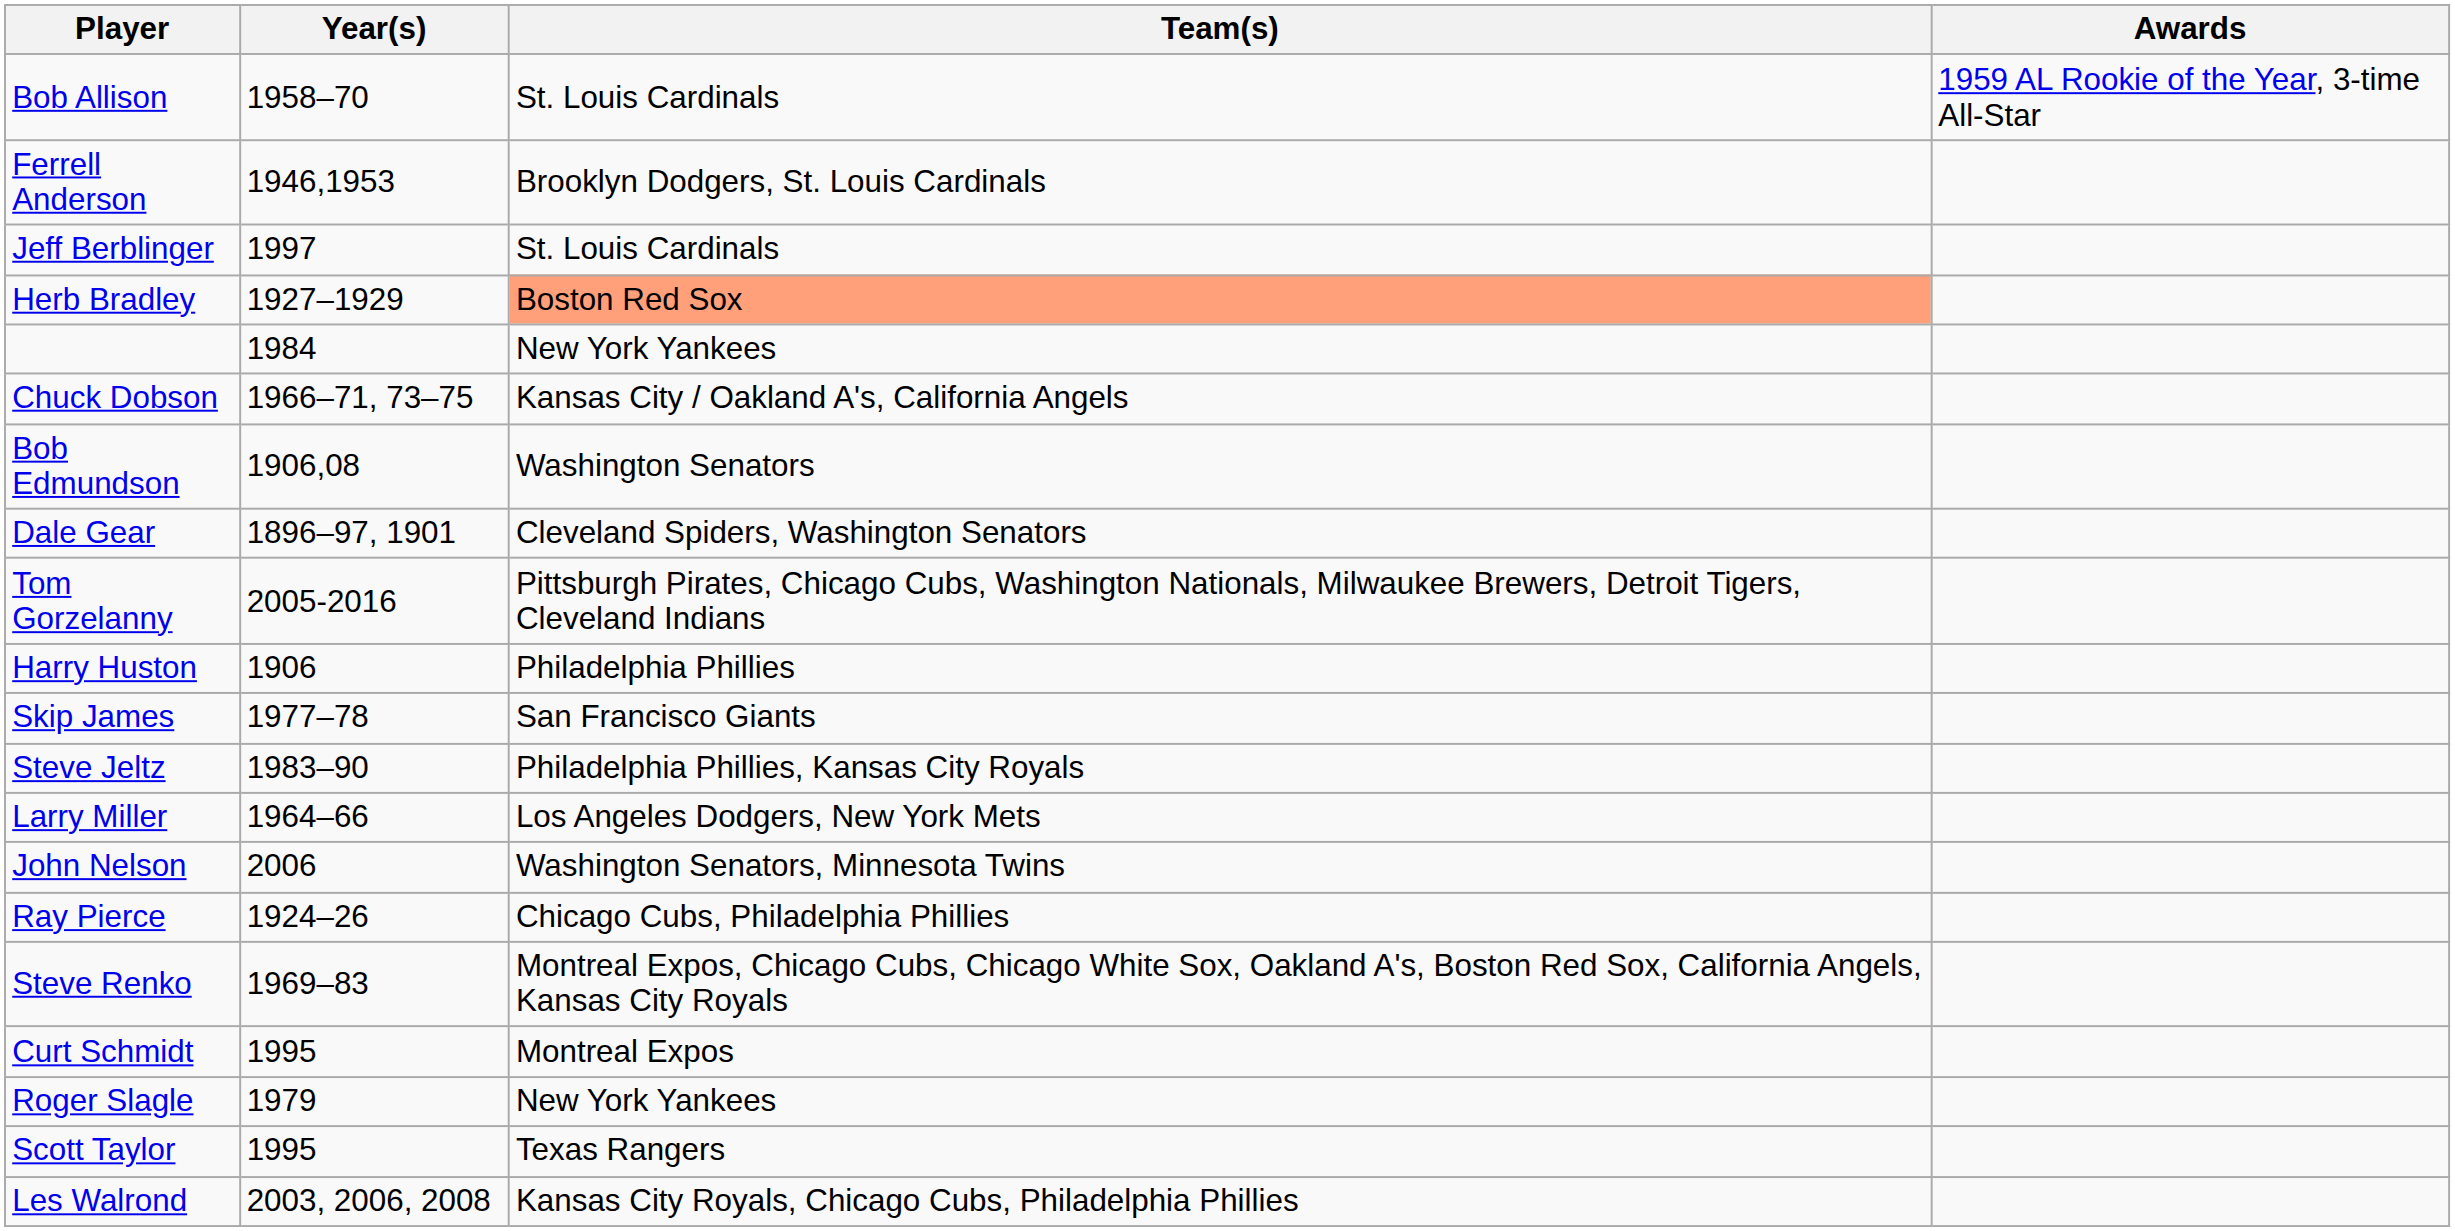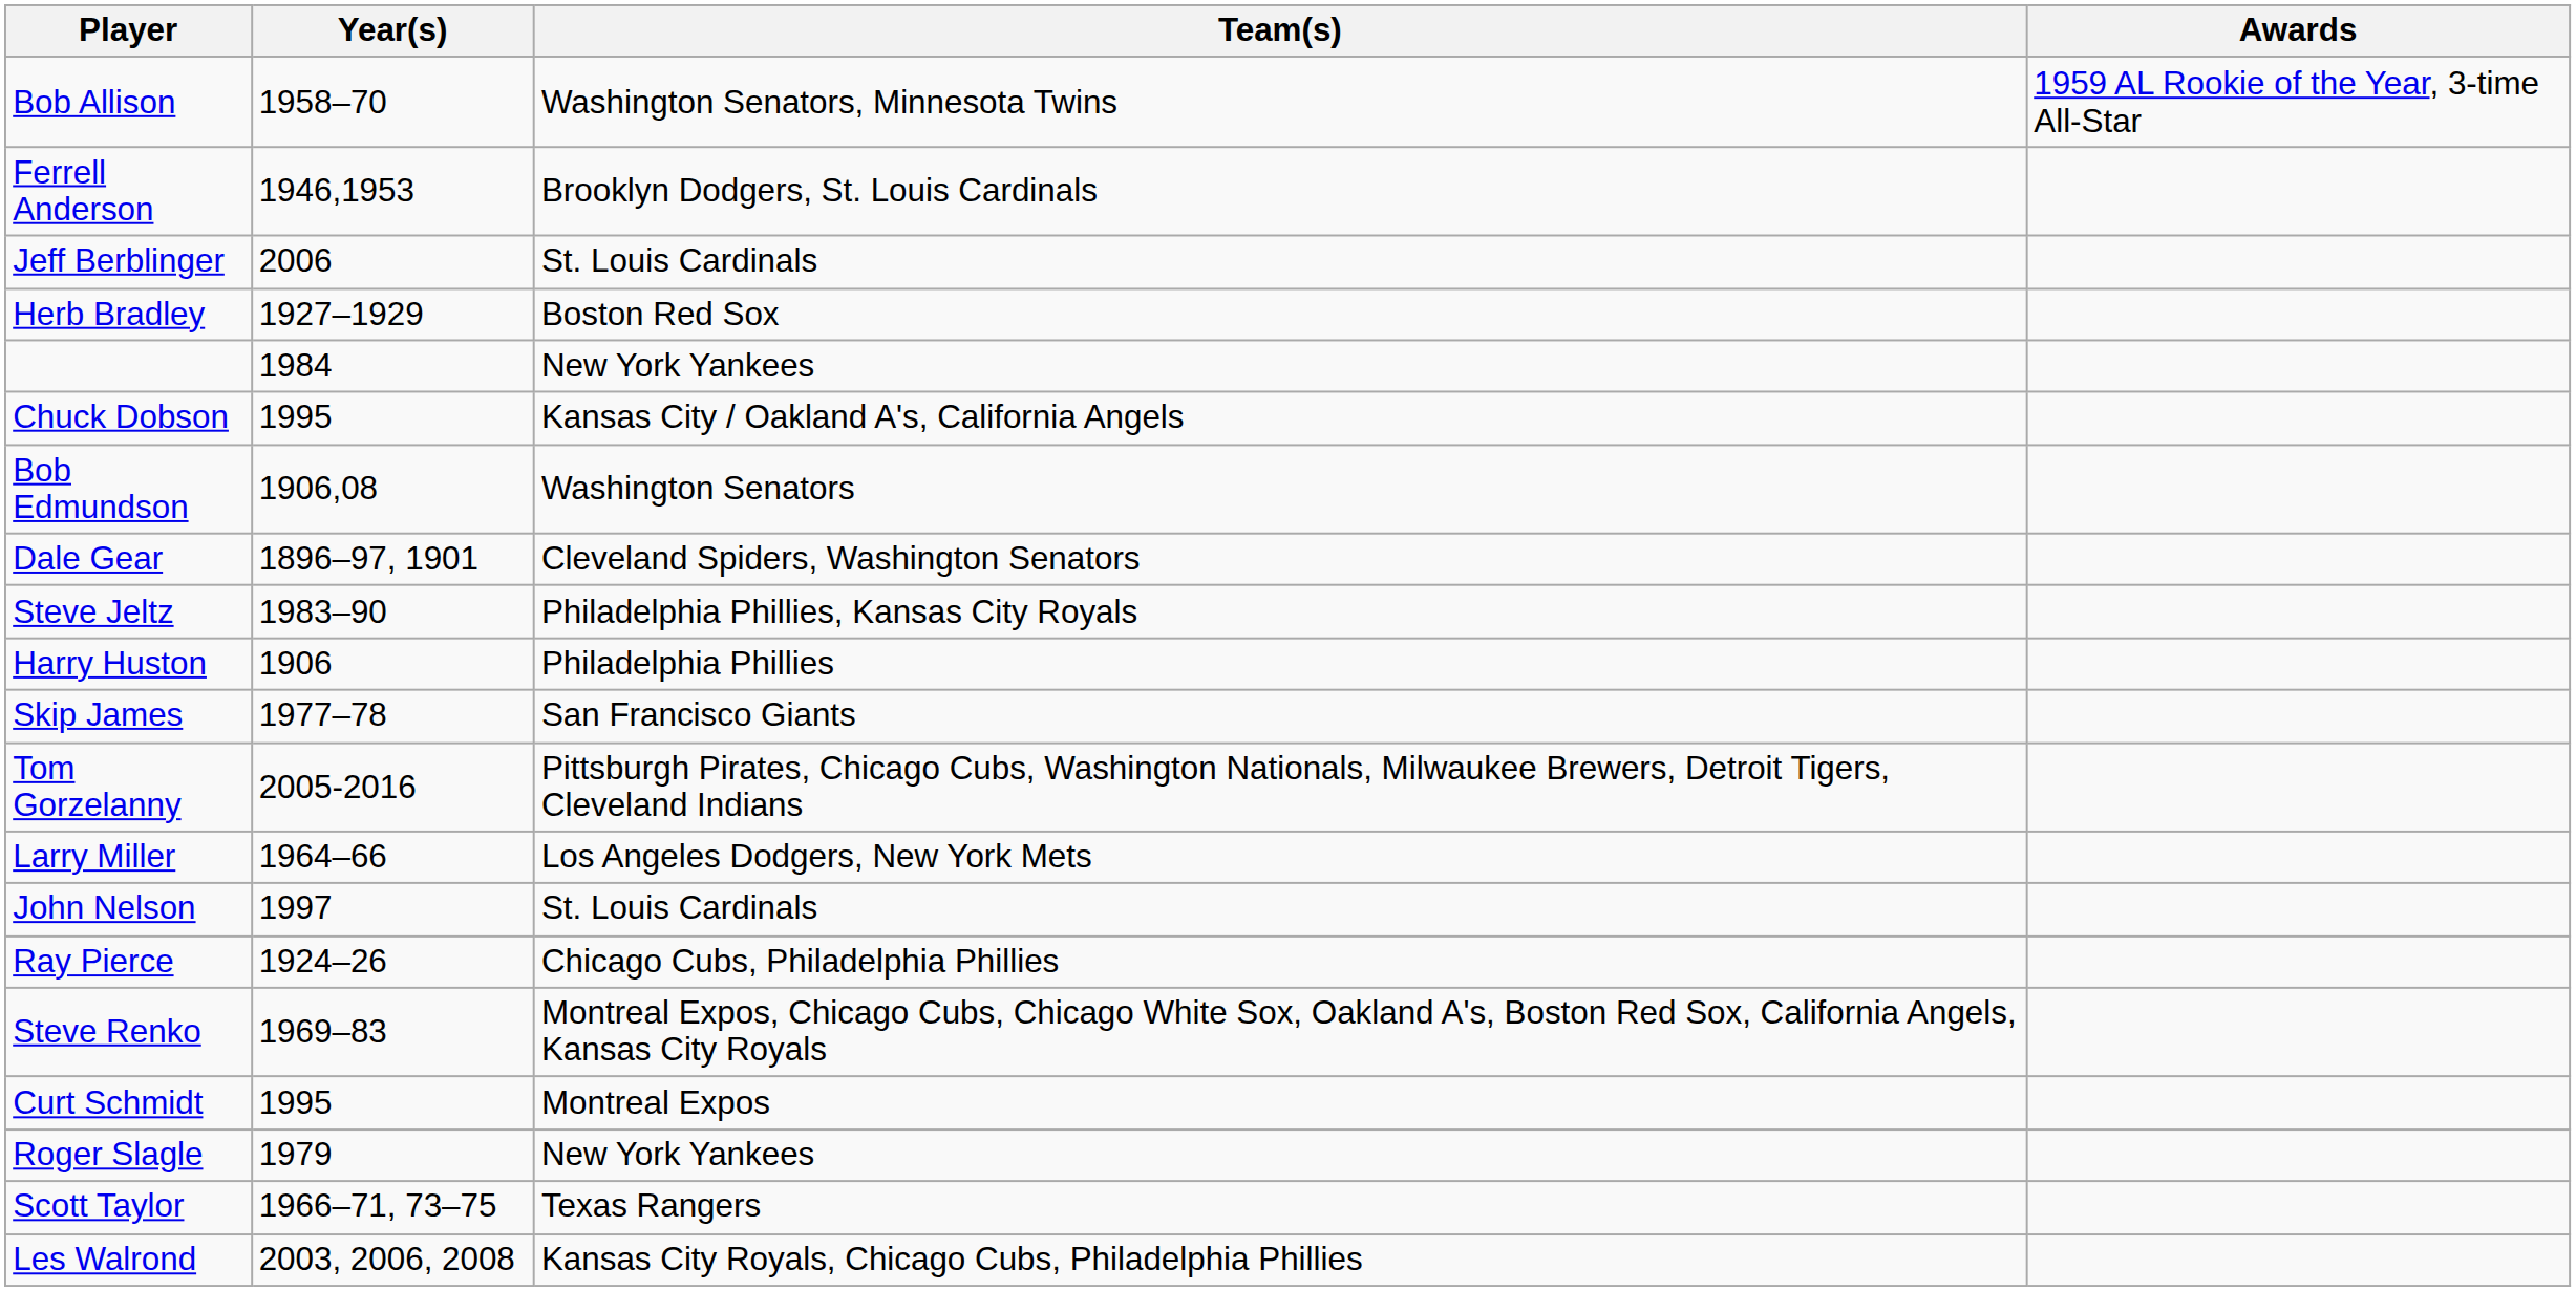 <table class=wikitable>
 <tr>
 <th width=px>Player</th>
 <th width=130px>Year(s)</th>
 <th width=px>Team(s)</th>
 <th width=px>Awards</th>
 </tr>
 <tr>
 <td><a href='#'>Bob Allison</a></td>
 <td>1958–70</td>
-<td>St. Louis Cardinals</td>
+<td>Washington Senators, Minnesota Twins</td>
 <td><a href='#'>1959 AL Rookie of the Year</a>, 3-time All-Star</td>
 </tr>
 <tr>
 <td><a href='#'>Ferrell Anderson</a></td>
 <td>1946,1953</td>
 <td>Brooklyn Dodgers, St. Louis Cardinals</td>
 <td> </td>
 </tr>
 <tr>
 <td><a href='#'>Jeff Berblinger</a></td>
-<td>1997</td>
+<td>2006</td>
 <td>St. Louis Cardinals</td>
 <td> </td>
 </tr>
 <tr>
 <td><a href='#'>Herb Bradley</a></td>
 <td>1927–1929</td>
-<td style="background: lightsalmon;">Boston Red Sox</td>
+<td>Boston Red Sox</td>
 <td> </td>
 </tr>
 <tr>
 <td></td>
 <td>1984</td>
 <td>New York Yankees</td>
 <td> </td>
 </tr>
 <tr>
 <td><a href='#'>Chuck Dobson</a></td>
-<td>1966–71, 73–75</td>
+<td>1995</td>
 <td>Kansas City / Oakland A's, California Angels</td>
 <td> </td>
 </tr>
 <tr>
 <td><a href='#'>Bob Edmundson</a></td>
 <td>1906,08</td>
 <td>Washington Senators</td>
 <td> </td>
 </tr>
 <tr>
 <td><a href='#'>Dale Gear</a></td>
 <td>1896–97, 1901</td>
 <td>Cleveland Spiders, Washington Senators</td>
 <td> </td>
 </tr>
 <tr>
-<td><a href='#'>Tom Gorzelanny</a></td>
-<td>2005-2016</td>
-<td>Pittsburgh Pirates, Chicago Cubs, Washington Nationals, Milwaukee Brewers, Detroit Tigers, Cleveland Indians</td>
+<td><a href='#'>Steve Jeltz</a></td>
+<td>1983–90</td>
+<td>Philadelphia Phillies, Kansas City Royals</td>
 <td> </td>
 </tr>
 <tr>
 <td><a href='#'>Harry Huston</a></td>
 <td>1906</td>
 <td>Philadelphia Phillies</td>
 <td> </td>
 </tr>
 <tr>
 <td><a href='#'>Skip James</a></td>
 <td>1977–78</td>
 <td>San Francisco Giants</td>
 <td> </td>
 </tr>
 <tr>
-<td><a href='#'>Steve Jeltz</a></td>
-<td>1983–90</td>
-<td>Philadelphia Phillies, Kansas City Royals</td>
+<td><a href='#'>Tom Gorzelanny</a></td>
+<td>2005-2016</td>
+<td>Pittsburgh Pirates, Chicago Cubs, Washington Nationals, Milwaukee Brewers, Detroit Tigers, Cleveland Indians</td>
 <td> </td>
 </tr>
 <tr>
 <td><a href='#'>Larry Miller</a></td>
 <td>1964–66</td>
 <td>Los Angeles Dodgers, New York Mets</td>
 <td> </td>
 </tr>
 <tr>
 <td><a href='#'>John Nelson</a></td>
-<td>2006</td>
-<td>Washington Senators, Minnesota Twins</td>
+<td>1997</td>
+<td>St. Louis Cardinals</td>
 <td> </td>
 </tr>
 <tr>
 <td><a href='#'>Ray Pierce</a></td>
 <td>1924–26</td>
 <td>Chicago Cubs, Philadelphia Phillies</td>
 <td> </td>
 </tr>
 <tr>
 <td><a href='#'>Steve Renko</a></td>
 <td>1969–83</td>
 <td>Montreal Expos, Chicago Cubs, Chicago White Sox, Oakland A's, Boston Red Sox, California Angels, Kansas City Royals</td>
 <td> </td>
 </tr>
 <tr>
 <td><a href='#'>Curt Schmidt</a></td>
 <td>1995</td>
 <td>Montreal Expos</td>
 <td> </td>
 </tr>
 <tr>
 <td><a href='#'>Roger Slagle</a></td>
 <td>1979</td>
 <td>New York Yankees</td>
 <td> </td>
 </tr>
 <tr>
 <td><a href='#'>Scott Taylor</a></td>
-<td>1995</td>
+<td>1966–71, 73–75</td>
 <td>Texas Rangers</td>
 <td> </td>
 </tr>
 <tr>
 <td><a href='#'>Les Walrond</a></td>
 <td>2003, 2006, 2008</td>
 <td>Kansas City Royals, Chicago Cubs, Philadelphia Phillies</td>
 <td> </td>
 </tr>
 </table>
